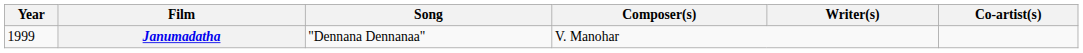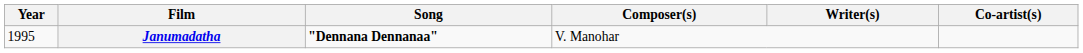 <table class="wikitable plainrowheaders" width="100%" textcolor:#000;">
 <tr style="background:#b0e0e66;">
 <th scope="col" width=5%><strong>Year</strong></th>
 <th scope="col" width=23%><strong>Film</strong></th>
 <th scope="col" width=23%><strong>Song</strong></th>
 <th scope="col" width=20%><strong>Composer(s)</strong></th>
 <th scope="col" width=16%><strong>Writer(s)</strong></th>
 <th scope="col" width=18%><strong>Co-artist(s)</strong></th>
 </tr>
 <tr>
-<td>1999</td>
+<td>1995</td>
 <th><em><a href='#'>Janumadatha</a></em></th>
-<td>"Dennana Dennanaa"</td>
+<td><strong>"Dennana Dennanaa"</strong></td>
 <td colspan="2">V. Manohar</td>
 <td></td>
 </tr>
 </table>
